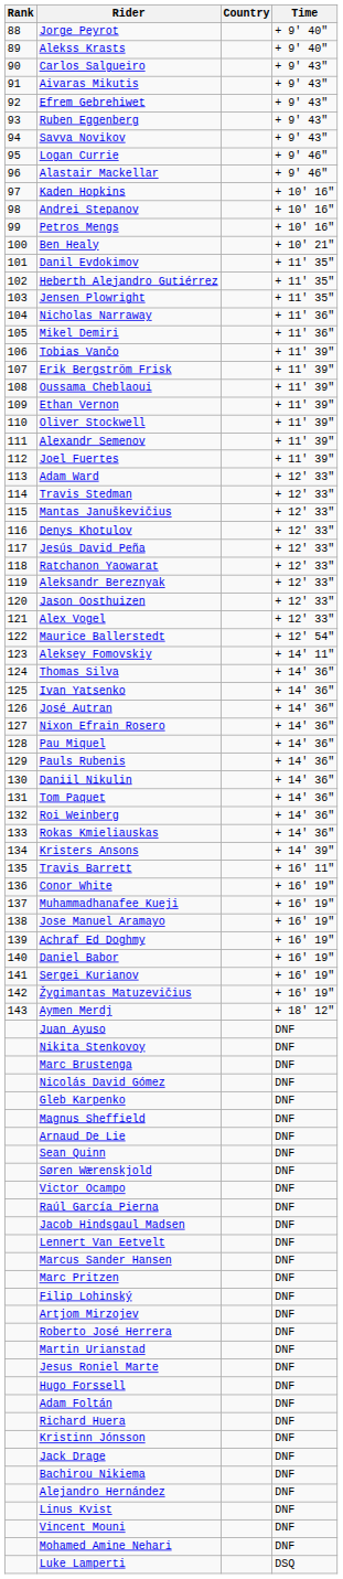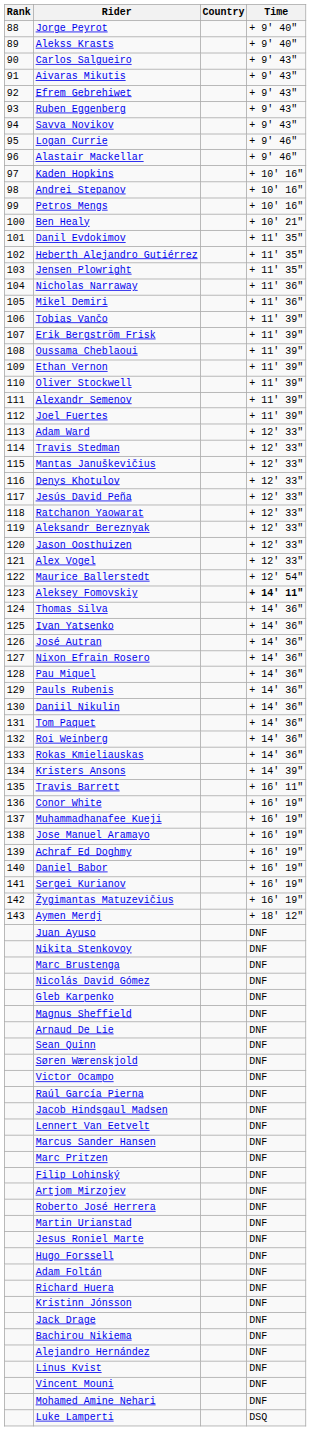 <table class="wikitable" style="font-size:95%; text-align:left;">
 <tr>
 <th>Rank</th>
 <th>Rider</th>
 <th>Country</th>
 <th>Time</th>
 </tr>
 <tr>
 <td>88</td>
 <td><a href='#'>Jorge Peyrot</a></td>
 <td></td>
 <td>+ 9' 40"</td>
 </tr>
 <tr>
 <td>89</td>
 <td><a href='#'>Alekss Krasts</a></td>
 <td></td>
 <td>+ 9' 40"</td>
 </tr>
 <tr>
 <td>90</td>
 <td><a href='#'>Carlos Salgueiro</a></td>
 <td></td>
 <td>+ 9' 43"</td>
 </tr>
 <tr>
 <td>91</td>
 <td><a href='#'>Aivaras Mikutis</a></td>
 <td></td>
 <td>+ 9' 43"</td>
 </tr>
 <tr>
 <td>92</td>
 <td><a href='#'>Efrem Gebrehiwet</a></td>
 <td></td>
 <td>+ 9' 43"</td>
 </tr>
 <tr>
 <td>93</td>
 <td><a href='#'>Ruben Eggenberg</a></td>
 <td></td>
 <td>+ 9' 43"</td>
 </tr>
 <tr>
 <td>94</td>
 <td><a href='#'>Savva Novikov</a></td>
 <td></td>
 <td>+ 9' 43"</td>
 </tr>
 <tr>
 <td>95</td>
 <td><a href='#'>Logan Currie</a></td>
 <td></td>
 <td>+ 9' 46"</td>
 </tr>
 <tr>
 <td>96</td>
 <td><a href='#'>Alastair Mackellar</a></td>
 <td></td>
 <td>+ 9' 46"</td>
 </tr>
 <tr>
 <td>97</td>
 <td><a href='#'>Kaden Hopkins</a></td>
 <td></td>
 <td>+ 10' 16"</td>
 </tr>
 <tr>
 <td>98</td>
 <td><a href='#'>Andrei Stepanov</a></td>
 <td></td>
 <td>+ 10' 16"</td>
 </tr>
 <tr>
 <td>99</td>
 <td><a href='#'>Petros Mengs</a></td>
 <td></td>
 <td>+ 10' 16"</td>
 </tr>
 <tr>
 <td>100</td>
 <td><a href='#'>Ben Healy</a></td>
 <td></td>
 <td>+ 10' 21"</td>
 </tr>
 <tr>
 <td>101</td>
 <td><a href='#'>Danil Evdokimov</a></td>
 <td></td>
 <td>+ 11' 35"</td>
 </tr>
 <tr>
 <td>102</td>
 <td><a href='#'>Heberth Alejandro Gutiérrez</a></td>
 <td></td>
 <td>+ 11' 35"</td>
 </tr>
 <tr>
 <td>103</td>
 <td><a href='#'>Jensen Plowright</a></td>
 <td></td>
 <td>+ 11' 35"</td>
 </tr>
 <tr>
 <td>104</td>
 <td><a href='#'>Nicholas Narraway</a></td>
 <td></td>
 <td>+ 11' 36"</td>
 </tr>
 <tr>
 <td>105</td>
 <td><a href='#'>Mikel Demiri</a></td>
 <td></td>
 <td>+ 11' 36"</td>
 </tr>
 <tr>
 <td>106</td>
 <td><a href='#'>Tobias Vančo</a></td>
 <td></td>
 <td>+ 11' 39"</td>
 </tr>
 <tr>
 <td>107</td>
 <td><a href='#'>Erik Bergström Frisk</a></td>
 <td></td>
 <td>+ 11' 39"</td>
 </tr>
 <tr>
 <td>108</td>
 <td><a href='#'>Oussama Cheblaoui</a></td>
 <td></td>
 <td>+ 11' 39"</td>
 </tr>
 <tr>
 <td>109</td>
 <td><a href='#'>Ethan Vernon</a></td>
 <td></td>
 <td>+ 11' 39"</td>
 </tr>
 <tr>
 <td>110</td>
 <td><a href='#'>Oliver Stockwell</a></td>
 <td></td>
 <td>+ 11' 39"</td>
 </tr>
 <tr>
 <td>111</td>
 <td><a href='#'>Alexandr Semenov</a></td>
 <td></td>
 <td>+ 11' 39"</td>
 </tr>
 <tr>
 <td>112</td>
 <td><a href='#'>Joel Fuertes</a></td>
 <td></td>
 <td>+ 11' 39"</td>
 </tr>
 <tr>
 <td>113</td>
 <td><a href='#'>Adam Ward</a></td>
 <td></td>
 <td>+ 12' 33"</td>
 </tr>
 <tr>
 <td>114</td>
 <td><a href='#'>Travis Stedman</a></td>
 <td></td>
 <td>+ 12' 33"</td>
 </tr>
 <tr>
 <td>115</td>
 <td><a href='#'>Mantas Januškevičius</a></td>
 <td></td>
 <td>+ 12' 33"</td>
 </tr>
 <tr>
 <td>116</td>
 <td><a href='#'>Denys Khotulov</a></td>
 <td></td>
 <td>+ 12' 33"</td>
 </tr>
 <tr>
 <td>117</td>
 <td><a href='#'>Jesús David Peña</a></td>
 <td></td>
 <td>+ 12' 33"</td>
 </tr>
 <tr>
 <td>118</td>
 <td><a href='#'>Ratchanon Yaowarat</a></td>
 <td></td>
 <td>+ 12' 33"</td>
 </tr>
 <tr>
 <td>119</td>
 <td><a href='#'>Aleksandr Bereznyak</a></td>
 <td></td>
 <td>+ 12' 33"</td>
 </tr>
 <tr>
 <td>120</td>
 <td><a href='#'>Jason Oosthuizen</a></td>
 <td></td>
 <td>+ 12' 33"</td>
 </tr>
 <tr>
 <td>121</td>
 <td><a href='#'>Alex Vogel</a></td>
 <td></td>
 <td>+ 12' 33"</td>
 </tr>
 <tr>
 <td>122</td>
 <td><a href='#'>Maurice Ballerstedt</a></td>
 <td></td>
 <td>+ 12' 54"</td>
 </tr>
 <tr>
 <td>123</td>
 <td><a href='#'>Aleksey Fomovskiy</a></td>
 <td></td>
-<td>+ 14' 11"</td>
+<td><strong>+ 14' 11"</strong></td>
 </tr>
 <tr>
 <td>124</td>
 <td><a href='#'>Thomas Silva</a></td>
 <td></td>
 <td>+ 14' 36"</td>
 </tr>
 <tr>
 <td>125</td>
 <td><a href='#'>Ivan Yatsenko</a></td>
 <td></td>
 <td>+ 14' 36"</td>
 </tr>
 <tr>
 <td>126</td>
 <td><a href='#'>José Autran</a></td>
 <td></td>
 <td>+ 14' 36"</td>
 </tr>
 <tr>
 <td>127</td>
 <td><a href='#'>Nixon Efrain Rosero</a></td>
 <td></td>
 <td>+ 14' 36"</td>
 </tr>
 <tr>
 <td>128</td>
 <td><a href='#'>Pau Miquel</a></td>
 <td></td>
 <td>+ 14' 36"</td>
 </tr>
 <tr>
 <td>129</td>
 <td><a href='#'>Pauls Rubenis</a></td>
 <td></td>
 <td>+ 14' 36"</td>
 </tr>
 <tr>
 <td>130</td>
 <td><a href='#'>Daniil Nikulin</a></td>
 <td></td>
 <td>+ 14' 36"</td>
 </tr>
 <tr>
 <td>131</td>
 <td><a href='#'>Tom Paquet</a></td>
 <td></td>
 <td>+ 14' 36"</td>
 </tr>
 <tr>
 <td>132</td>
 <td><a href='#'>Roi Weinberg</a></td>
 <td></td>
 <td>+ 14' 36"</td>
 </tr>
 <tr>
 <td>133</td>
 <td><a href='#'>Rokas Kmieliauskas</a></td>
 <td></td>
 <td>+ 14' 36"</td>
 </tr>
 <tr>
 <td>134</td>
 <td><a href='#'>Kristers Ansons</a></td>
 <td></td>
 <td>+ 14' 39"</td>
 </tr>
 <tr>
 <td>135</td>
 <td><a href='#'>Travis Barrett</a></td>
 <td></td>
 <td>+ 16' 11"</td>
 </tr>
 <tr>
 <td>136</td>
 <td><a href='#'>Conor White</a></td>
 <td></td>
 <td>+ 16' 19"</td>
 </tr>
 <tr>
 <td>137</td>
 <td><a href='#'>Muhammadhanafee Kueji</a></td>
 <td></td>
 <td>+ 16' 19"</td>
 </tr>
 <tr>
 <td>138</td>
 <td><a href='#'>Jose Manuel Aramayo</a></td>
 <td></td>
 <td>+ 16' 19"</td>
 </tr>
 <tr>
 <td>139</td>
 <td><a href='#'>Achraf Ed Doghmy</a></td>
 <td></td>
 <td>+ 16' 19"</td>
 </tr>
 <tr>
 <td>140</td>
 <td><a href='#'>Daniel Babor</a></td>
 <td></td>
 <td>+ 16' 19"</td>
 </tr>
 <tr>
 <td>141</td>
 <td><a href='#'>Sergei Kurianov</a></td>
 <td></td>
 <td>+ 16' 19"</td>
 </tr>
 <tr>
 <td>142</td>
 <td><a href='#'>Žygimantas Matuzevičius</a></td>
 <td></td>
 <td>+ 16' 19"</td>
 </tr>
 <tr>
 <td>143</td>
 <td><a href='#'>Aymen Merdj</a></td>
 <td></td>
 <td>+ 18' 12"</td>
 </tr>
 <tr>
 <td></td>
 <td><a href='#'>Juan Ayuso</a></td>
 <td></td>
 <td>DNF</td>
 </tr>
 <tr>
 <td></td>
 <td><a href='#'>Nikita Stenkovoy</a></td>
 <td></td>
 <td>DNF</td>
 </tr>
 <tr>
 <td></td>
 <td><a href='#'>Marc Brustenga</a></td>
 <td></td>
 <td>DNF</td>
 </tr>
 <tr>
 <td></td>
 <td><a href='#'>Nicolás David Gómez</a></td>
 <td></td>
 <td>DNF</td>
 </tr>
 <tr>
 <td></td>
 <td><a href='#'>Gleb Karpenko</a></td>
 <td></td>
 <td>DNF</td>
 </tr>
 <tr>
 <td></td>
 <td><a href='#'>Magnus Sheffield</a></td>
 <td></td>
 <td>DNF</td>
 </tr>
 <tr>
 <td></td>
 <td><a href='#'>Arnaud De Lie</a></td>
 <td></td>
 <td>DNF</td>
 </tr>
 <tr>
 <td></td>
 <td><a href='#'>Sean Quinn</a></td>
 <td></td>
 <td>DNF</td>
 </tr>
 <tr>
 <td></td>
 <td><a href='#'>Søren Wærenskjold</a></td>
 <td></td>
 <td>DNF</td>
 </tr>
 <tr>
 <td></td>
 <td><a href='#'>Victor Ocampo</a></td>
 <td></td>
 <td>DNF</td>
 </tr>
 <tr>
 <td></td>
 <td><a href='#'>Raúl García Pierna</a></td>
 <td></td>
 <td>DNF</td>
 </tr>
 <tr>
 <td></td>
 <td><a href='#'>Jacob Hindsgaul Madsen</a></td>
 <td></td>
 <td>DNF</td>
 </tr>
 <tr>
 <td></td>
 <td><a href='#'>Lennert Van Eetvelt</a></td>
 <td></td>
 <td>DNF</td>
 </tr>
 <tr>
 <td></td>
 <td><a href='#'>Marcus Sander Hansen</a></td>
 <td></td>
 <td>DNF</td>
 </tr>
 <tr>
 <td></td>
 <td><a href='#'>Marc Pritzen</a></td>
 <td></td>
 <td>DNF</td>
 </tr>
 <tr>
 <td></td>
 <td><a href='#'>Filip Lohinský</a></td>
 <td></td>
 <td>DNF</td>
 </tr>
 <tr>
 <td></td>
 <td><a href='#'>Artjom Mirzojev</a></td>
 <td></td>
 <td>DNF</td>
 </tr>
 <tr>
 <td></td>
 <td><a href='#'>Roberto José Herrera</a></td>
 <td></td>
 <td>DNF</td>
 </tr>
 <tr>
 <td></td>
 <td><a href='#'>Martin Urianstad</a></td>
 <td></td>
 <td>DNF</td>
 </tr>
 <tr>
 <td></td>
 <td><a href='#'>Jesus Roniel Marte</a></td>
 <td></td>
 <td>DNF</td>
 </tr>
 <tr>
 <td></td>
 <td><a href='#'>Hugo Forssell</a></td>
 <td></td>
 <td>DNF</td>
 </tr>
 <tr>
 <td></td>
 <td><a href='#'>Adam Foltán</a></td>
 <td></td>
 <td>DNF</td>
 </tr>
 <tr>
 <td></td>
 <td><a href='#'>Richard Huera</a></td>
 <td></td>
 <td>DNF</td>
 </tr>
 <tr>
 <td></td>
 <td><a href='#'>Kristinn Jónsson</a></td>
 <td></td>
 <td>DNF</td>
 </tr>
 <tr>
 <td></td>
 <td><a href='#'>Jack Drage</a></td>
 <td></td>
 <td>DNF</td>
 </tr>
 <tr>
 <td></td>
 <td><a href='#'>Bachirou Nikiema</a></td>
 <td></td>
 <td>DNF</td>
 </tr>
 <tr>
 <td></td>
 <td><a href='#'>Alejandro Hernández</a></td>
 <td></td>
 <td>DNF</td>
 </tr>
 <tr>
 <td></td>
 <td><a href='#'>Linus Kvist</a></td>
 <td></td>
 <td>DNF</td>
 </tr>
 <tr>
 <td></td>
 <td><a href='#'>Vincent Mouni</a></td>
 <td></td>
 <td>DNF</td>
 </tr>
 <tr>
 <td></td>
 <td><a href='#'>Mohamed Amine Nehari</a></td>
 <td></td>
 <td>DNF</td>
 </tr>
 <tr>
 <td></td>
 <td><a href='#'>Luke Lamperti</a></td>
 <td></td>
 <td>DSQ</td>
 </tr>
 </table>
